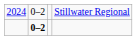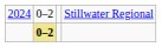 <table class="wikitable">
 <tr>
 <td><a href='#'>2024</a></td>
 <td>0–2</td>
 <td></td>
 <td><a href='#'>Stillwater Regional</a></td>
 </tr>
 <tr>
 <td></td>
-<td><strong>0–2</strong></td>
+<td style="background: khaki;"><strong>0–2</strong></td>
 <td><strong></strong></td>
 <td></td>
 </tr>
 </table>
